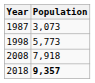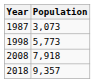 <table class="wikitable">
 <tr>
 <th>Year</th>
 <th>Population</th>
 </tr>
 <tr>
 <td>1987</td>
 <td>3,073</td>
 </tr>
 <tr>
 <td>1998</td>
 <td>5,773</td>
 </tr>
 <tr>
 <td>2008</td>
 <td>7,918</td>
 </tr>
 <tr>
 <td>2018</td>
-<td><strong>9,357</strong></td>
+<td>9,357</td>
 </tr>
 </table>
